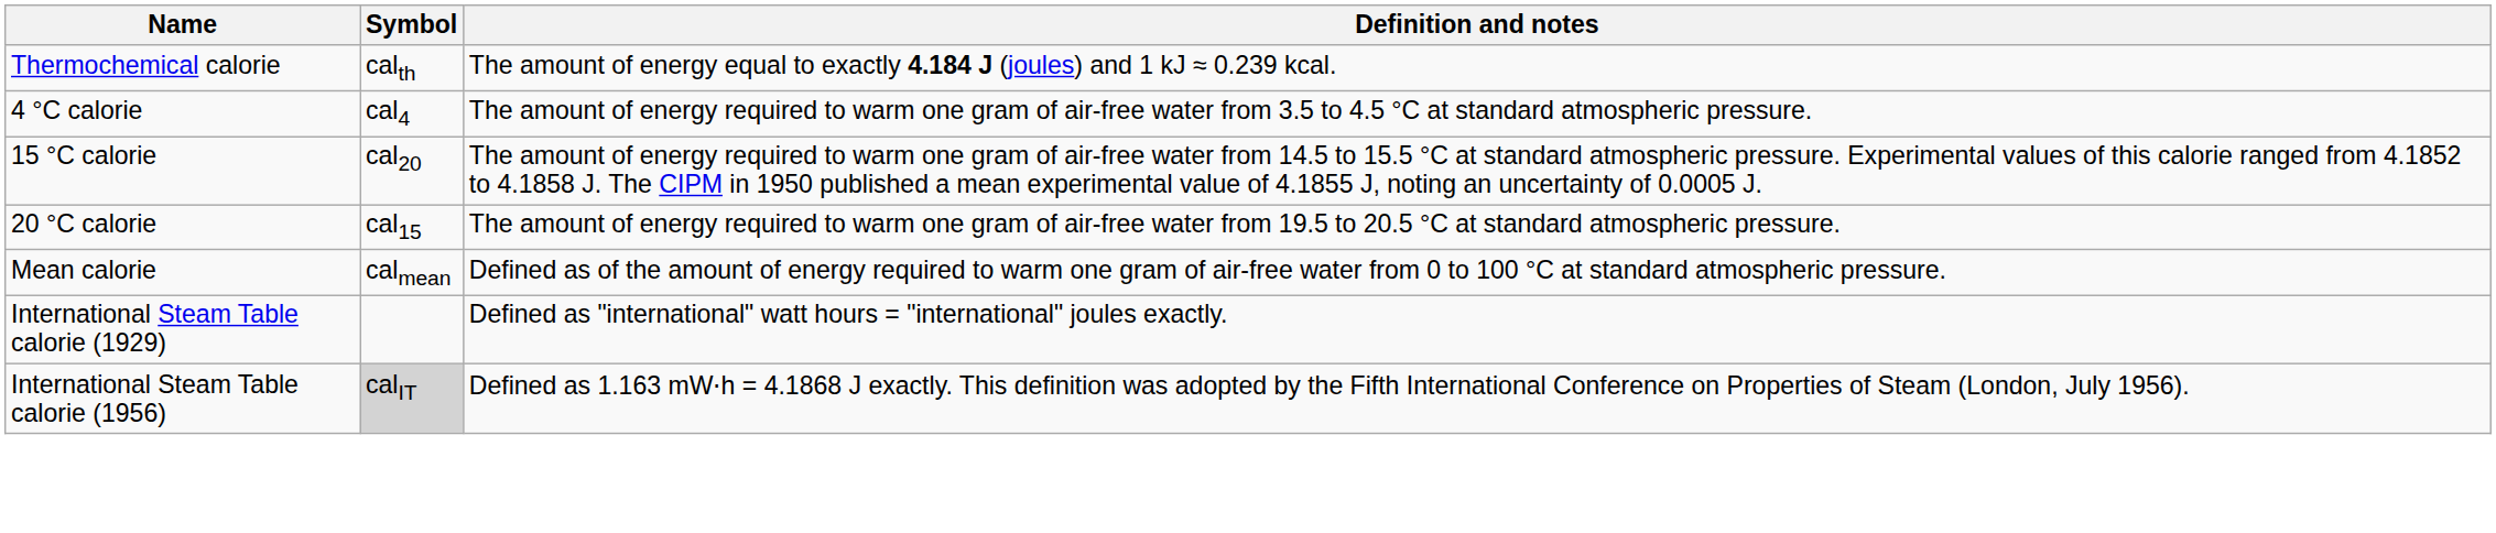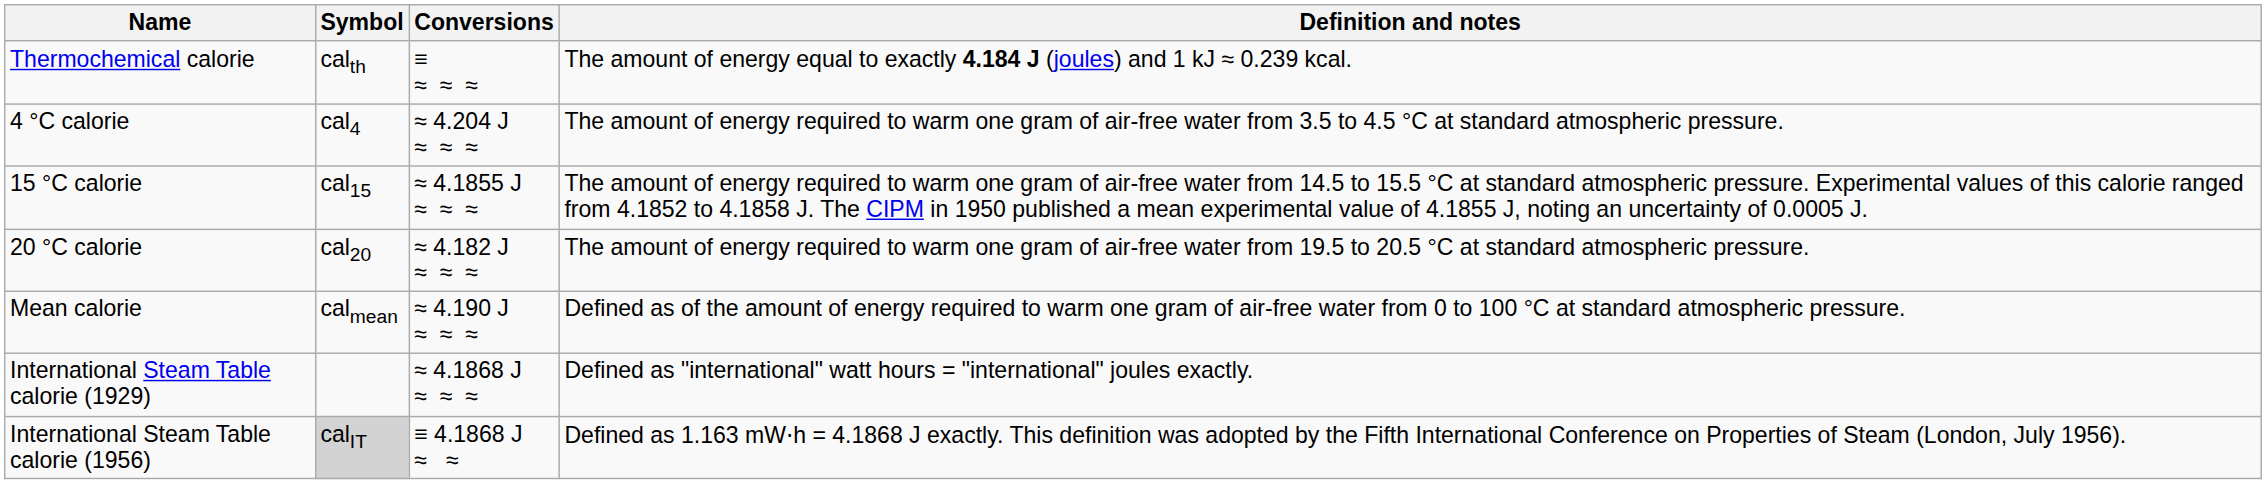 <table class=wikitable>
 <tr>
 <th>Name</th>
 <th>Symbol</th>
+<th>Conversions</th>
 <th>Definition and notes</th>
 </tr>
 <tr valign=top>
 <td><a href='#'>Thermochemical</a> calorie</td>
 <td>cal<sub>th</sub></td>
+<td>≡ <br>≈  ≈  ≈ </td>
 <td>The amount of energy equal to exactly <strong>4.184 J</strong> (<a href='#'>joules</a>) and 1 kJ ≈ 0.239 kcal.</td>
 </tr>
 <tr valign=top>
 <td>4 °C calorie</td>
 <td>cal<sub>4</sub></td>
+<td>≈ 4.204 J<br>≈  ≈  ≈ </td>
 <td>The amount of energy required to warm one gram of air-free water from 3.5 to 4.5 °C at standard atmospheric pressure.</td>
 </tr>
 <tr valign=top>
 <td>15 °C calorie</td>
-<td>cal<sub>20</sub></td>
+<td>cal<sub>15</sub></td>
+<td>≈ 4.1855 J<br>≈  ≈  ≈ </td>
 <td>The amount of energy required to warm one gram of air-free water from 14.5 to 15.5 °C at standard atmospheric pressure. Experimental values of this calorie ranged from 4.1852 to 4.1858 J. The <a href='#'>CIPM</a> in 1950 published a mean experimental value of 4.1855 J, noting an uncertainty of 0.0005 J.</td>
 </tr>
 <tr valign=top>
 <td>20 °C calorie</td>
-<td>cal<sub>15</sub></td>
+<td>cal<sub>20</sub></td>
+<td>≈ 4.182 J<br>≈  ≈  ≈ </td>
 <td>The amount of energy required to warm one gram of air-free water from 19.5 to 20.5 °C at standard atmospheric pressure.</td>
 </tr>
 <tr valign=top>
 <td>Mean calorie</td>
 <td>cal<sub>mean</sub></td>
+<td>≈ 4.190 J<br>≈  ≈  ≈ </td>
 <td>Defined as  of the amount of energy required to warm one gram of air-free water from 0 to 100 °C at standard atmospheric pressure.</td>
 </tr>
 <tr valign=top>
 <td>International <a href='#'>Steam Table</a> calorie (1929)</td>
 <td></td>
+<td>≈ 4.1868 J<br>≈  ≈  ≈ </td>
 <td>Defined as  "international" watt hours =  "international" joules exactly.</td>
 </tr>
 <tr valign=top>
 <td>International Steam Table calorie (1956)</td>
 <td style="background: lightgrey;">cal<sub>IT</sub></td>
+<td>≡ 4.1868 J<br>≈   ≈ </td>
 <td>Defined as 1.163 mW⋅h = 4.1868 J exactly. This definition was adopted by the Fifth International Conference on Properties of Steam (London, July 1956).</td>
 </tr>
 </table>
